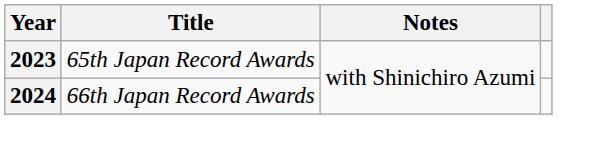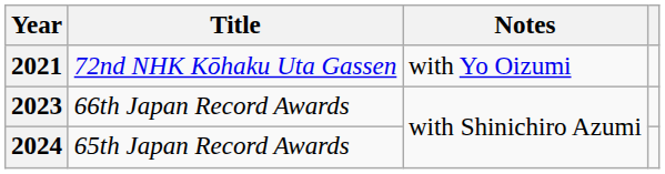 <table class="wikitable plainrowheaders sortable">
 <tr>
 <th scope="col">Year</th>
 <th scope="col">Title</th>
 <th scope="col" class="unsortable">Notes</th>
 <th scope="col" class="unsortable"></th>
 </tr>
 <tr>
+<th scope="row">2021</th>
+<td><em><a href='#'>72nd NHK Kōhaku Uta Gassen</a></em></td>
+<td>with <a href='#'>Yo Oizumi</a></td>
+<td style="text-align:center"></td>
+</tr>
+<tr>
 <th scope="row">2023</th>
-<td><em>65th Japan Record Awards</em></td>
+<td><em>66th Japan Record Awards</em></td>
 <td rowspan=2>with Shinichiro Azumi</td>
 <td style="text-align:center"></td>
 </tr>
 <tr>
 <th scope="row">2024</th>
-<td><em>66th Japan Record Awards</em></td>
+<td><em>65th Japan Record Awards</em></td>
 <td style="text-align:center"></td>
 </tr>
 </table>
